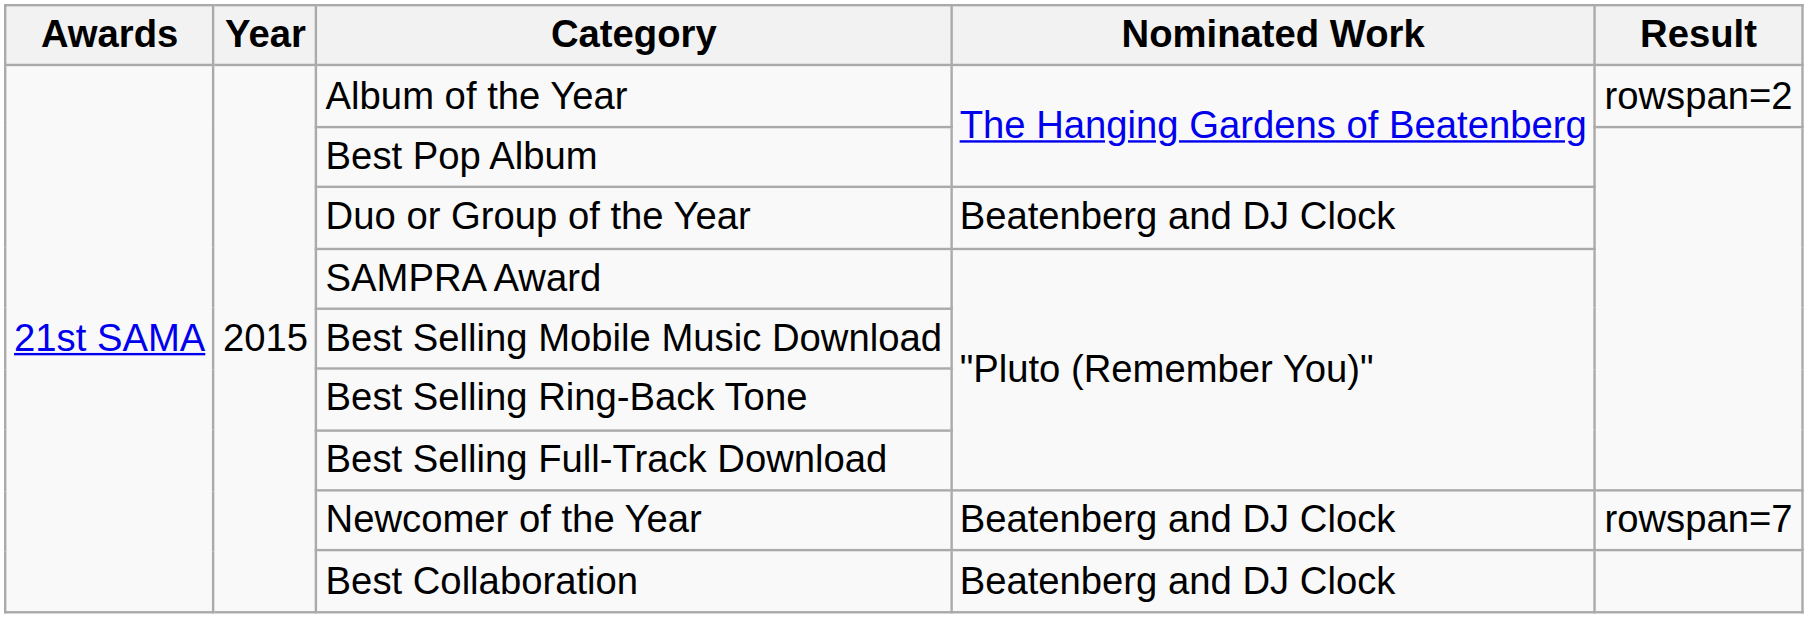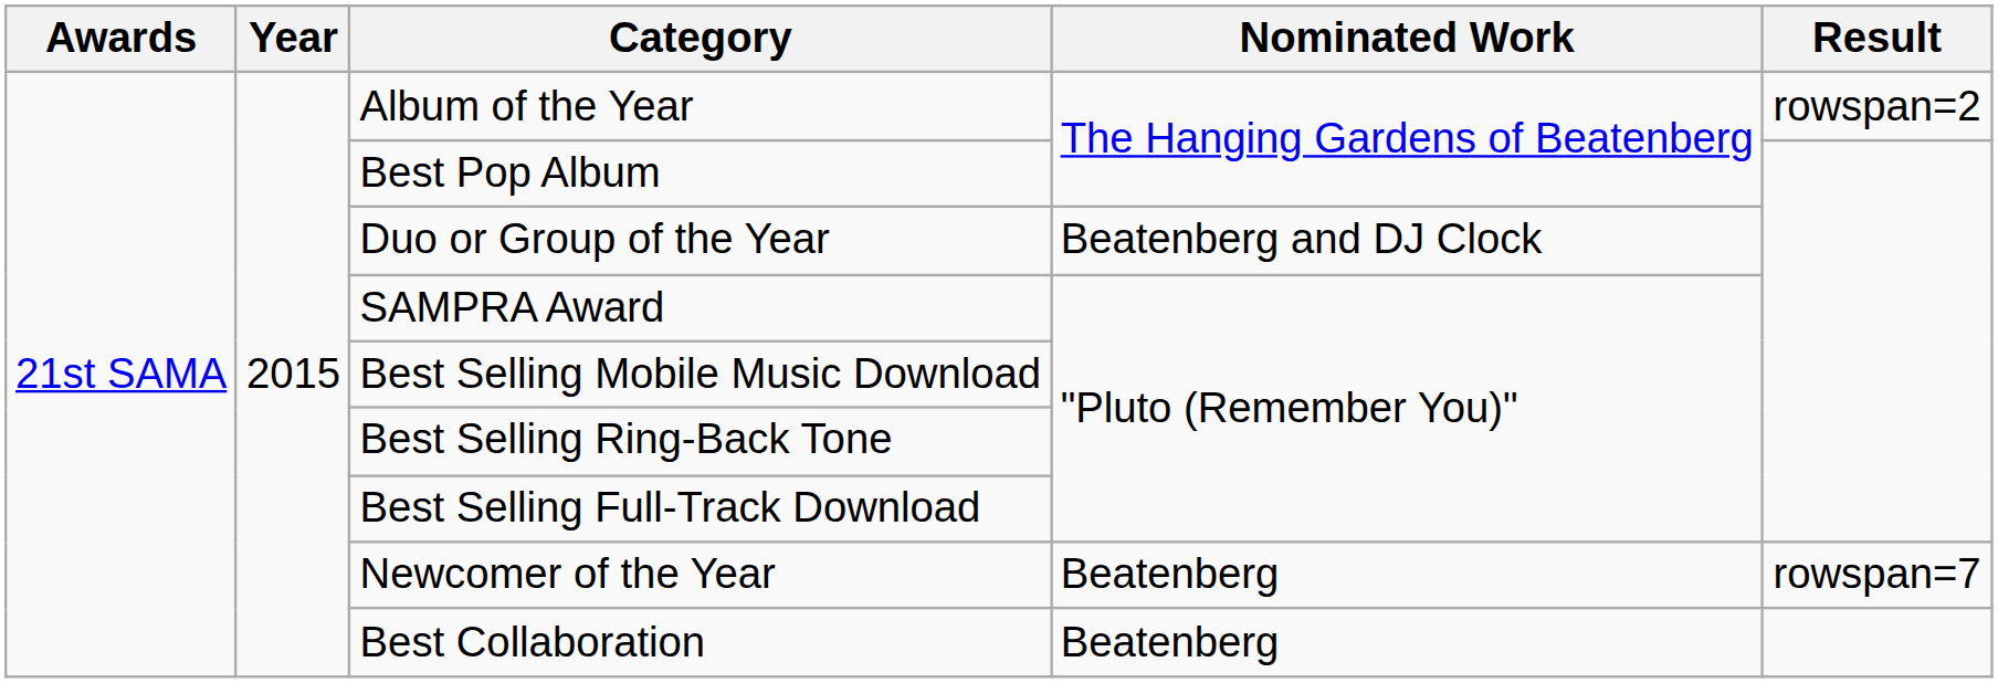 <table class="wikitable">
 <tr>
 <th>Awards</th>
 <th>Year</th>
 <th>Category</th>
 <th>Nominated Work</th>
 <th>Result</th>
 </tr>
 <tr>
 <td rowspan=9><a href='#'>21st SAMA</a>  </td>
 <td rowspan=9>2015</td>
 <td>Album of the Year</td>
 <td rowspan=2><a href='#'>The Hanging Gardens of Beatenberg</a></td>
 <td>rowspan=2 </td>
 </tr>
 <tr>
 <td>Best Pop Album</td>
 </tr>
 <tr>
 <td>Duo or Group of the Year</td>
 <td>Beatenberg and DJ Clock</td>
 </tr>
 <tr>
 <td>SAMPRA Award</td>
 <td rowspan=4>"Pluto (Remember You)"</td>
 </tr>
 <tr>
 <td>Best Selling Mobile Music Download</td>
 </tr>
 <tr>
 <td>Best Selling Ring-Back Tone</td>
 </tr>
 <tr>
 <td>Best Selling Full-Track Download</td>
 </tr>
 <tr>
 <td>Newcomer of the Year</td>
-<td>Beatenberg and DJ Clock</td>
+<td>Beatenberg</td>
 <td>rowspan=7  </td>
 </tr>
 <tr>
 <td>Best Collaboration</td>
-<td>Beatenberg and DJ Clock</td>
+<td>Beatenberg</td>
 </tr>
 </table>
